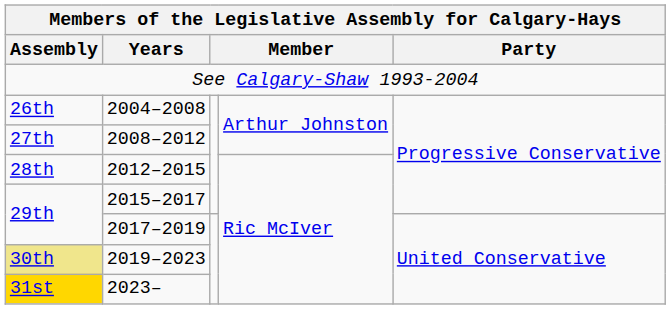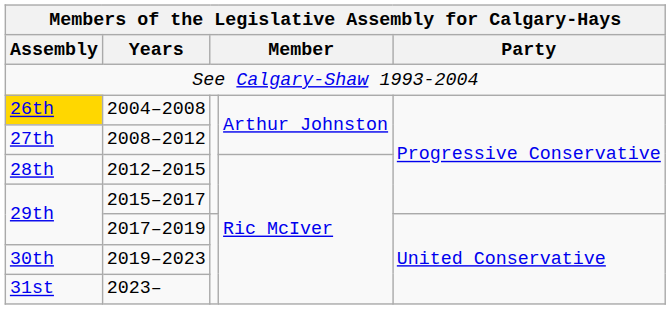 <table class="wikitable" align=right>
 <tr>
 <th colspan=5>Members of the Legislative Assembly for Calgary-Hays</th>
 </tr>
 <tr>
 <th>Assembly</th>
 <th>Years</th>
 <th colspan="2">Member</th>
 <th>Party</th>
 </tr>
 <tr>
 <td align="center" colspan=5><em>See <a href='#'>Calgary-Shaw</a> 1993-2004</em></td>
 </tr>
 <tr>
-<td><a href='#'>26th</a></td>
+<td style="background: gold;"><a href='#'>26th</a></td>
 <td>2004–2008</td>
 <td rowspan=4 ></td>
 <td rowspan=2><a href='#'>Arthur Johnston</a></td>
 <td rowspan=4><a href='#'>Progressive Conservative</a></td>
 </tr>
 <tr>
 <td><a href='#'>27th</a></td>
 <td>2008–2012</td>
 </tr>
 <tr>
 <td><a href='#'>28th</a></td>
 <td>2012–2015</td>
 <td rowspan=5><a href='#'>Ric McIver</a></td>
 </tr>
 <tr>
 <td rowspan=2><a href='#'>29th</a></td>
 <td>2015–2017</td>
 </tr>
 <tr>
 <td>2017–2019</td>
 <td rowspan=3 ></td>
 <td rowspan=3><a href='#'>United Conservative</a></td>
 </tr>
 <tr>
-<td style="background: khaki;"><a href='#'>30th</a></td>
+<td><a href='#'>30th</a></td>
 <td>2019–2023</td>
 </tr>
 <tr>
-<td style="background: gold;"><a href='#'>31st</a></td>
+<td><a href='#'>31st</a></td>
 <td>2023–</td>
 </tr>
 </table>
